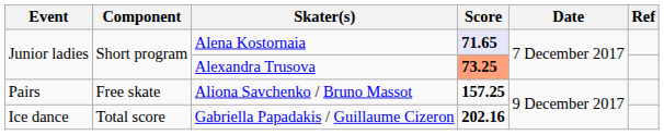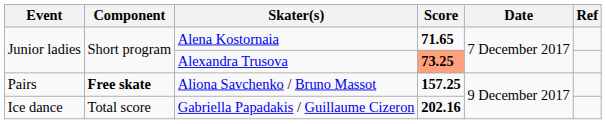 <table class="wikitable sortable">
 <tr>
 <th>Event</th>
 <th>Component</th>
 <th>Skater(s)</th>
 <th>Score</th>
 <th>Date</th>
 <th>Ref</th>
 </tr>
 <tr>
 <td rowspan=2>Junior ladies</td>
 <td rowspan=2>Short program</td>
 <td> <a href='#'>Alena Kostornaia</a></td>
-<td style="background: lavender;"><strong>71.65</strong></td>
+<td><strong>71.65</strong></td>
 <td rowspan=2>7 December 2017</td>
 <td></td>
 </tr>
 <tr>
 <td> <a href='#'>Alexandra Trusova</a></td>
 <td style="background: lightsalmon;"><strong>73.25</strong></td>
 <td></td>
 </tr>
 <tr>
 <td>Pairs</td>
-<td>Free skate</td>
+<td><strong>Free skate</strong></td>
 <td> <a href='#'>Aliona Savchenko</a> / <a href='#'>Bruno Massot</a></td>
 <td><strong>157.25</strong></td>
 <td rowspan=2>9 December 2017</td>
 <td></td>
 </tr>
 <tr>
 <td>Ice dance</td>
 <td>Total score</td>
 <td> <a href='#'>Gabriella Papadakis</a> / <a href='#'>Guillaume Cizeron</a></td>
 <td><strong>202.16</strong></td>
 <td></td>
 </tr>
 </table>
